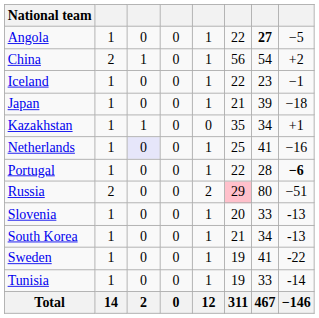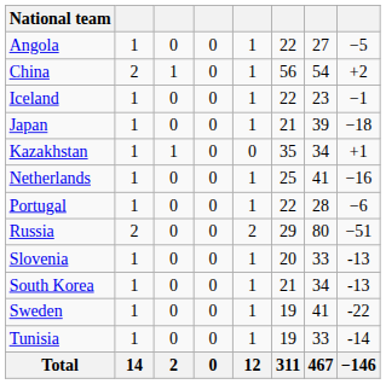 <table class="wikitable" style="text-align: center;">
 <tr>
 <th>National team</th>
 <th width="30"></th>
 <th width="30"></th>
 <th width="30"></th>
 <th width="30"></th>
 <th></th>
 <th></th>
 <th></th>
 </tr>
 <tr>
 <td align="left"> <a href='#'>Angola</a></td>
 <td>1</td>
 <td>0</td>
 <td>0</td>
 <td>1</td>
 <td>22</td>
-<td><strong>27</strong></td>
+<td>27</td>
 <td>−5</td>
 </tr>
 <tr>
 <td align="left"> <a href='#'>China</a></td>
 <td>2</td>
 <td>1</td>
 <td>0</td>
 <td>1</td>
 <td>56</td>
 <td>54</td>
 <td>+2</td>
 </tr>
 <tr>
 <td align="left"> <a href='#'>Iceland</a></td>
 <td>1</td>
 <td>0</td>
 <td>0</td>
 <td>1</td>
 <td>22</td>
 <td>23</td>
 <td>−1</td>
 </tr>
 <tr>
 <td align="left"> <a href='#'>Japan</a></td>
 <td>1</td>
 <td>0</td>
 <td>0</td>
 <td>1</td>
 <td>21</td>
 <td>39</td>
 <td>−18</td>
 </tr>
 <tr>
 <td align="left"> <a href='#'>Kazakhstan</a></td>
 <td>1</td>
 <td>1</td>
 <td>0</td>
 <td>0</td>
 <td>35</td>
 <td>34</td>
 <td>+1</td>
 </tr>
 <tr>
 <td align="left"> <a href='#'>Netherlands</a></td>
 <td>1</td>
-<td style="background: lavender;">0</td>
+<td>0</td>
 <td>0</td>
 <td>1</td>
 <td>25</td>
 <td>41</td>
 <td>−16</td>
 </tr>
 <tr>
 <td align="left"> <a href='#'>Portugal</a></td>
 <td>1</td>
 <td>0</td>
 <td>0</td>
 <td>1</td>
 <td>22</td>
 <td>28</td>
-<td><strong>−6</strong></td>
+<td>−6</td>
 </tr>
 <tr>
 <td align="left"> <a href='#'>Russia</a></td>
 <td>2</td>
 <td>0</td>
 <td>0</td>
 <td>2</td>
-<td style="background: pink;">29</td>
+<td>29</td>
 <td>80</td>
 <td>−51</td>
 </tr>
 <tr>
 <td align="left"> <a href='#'>Slovenia</a></td>
 <td>1</td>
 <td>0</td>
 <td>0</td>
 <td>1</td>
 <td>20</td>
 <td>33</td>
 <td>-13</td>
 </tr>
 <tr>
 <td align="left"> <a href='#'>South Korea</a></td>
 <td>1</td>
 <td>0</td>
 <td>0</td>
 <td>1</td>
 <td>21</td>
 <td>34</td>
 <td>-13</td>
 </tr>
 <tr>
 <td align="left"> <a href='#'>Sweden</a></td>
 <td>1</td>
 <td>0</td>
 <td>0</td>
 <td>1</td>
 <td>19</td>
 <td>41</td>
 <td>-22</td>
 </tr>
 <tr>
 <td align="left"> <a href='#'>Tunisia</a></td>
 <td>1</td>
 <td>0</td>
 <td>0</td>
 <td>1</td>
 <td>19</td>
 <td>33</td>
 <td>-14</td>
 </tr>
 <tr>
 <th>Total</th>
 <th>14</th>
 <th>2</th>
 <th>0</th>
 <th>12</th>
 <th>311</th>
 <th>467</th>
 <th>−146</th>
 </tr>
 </table>
